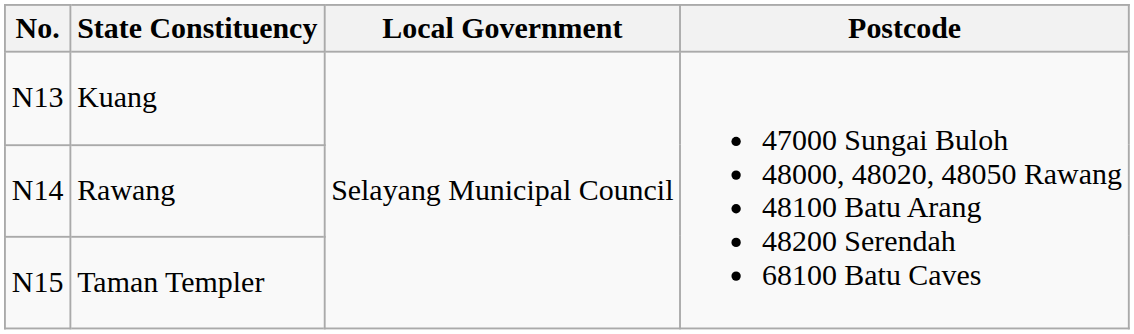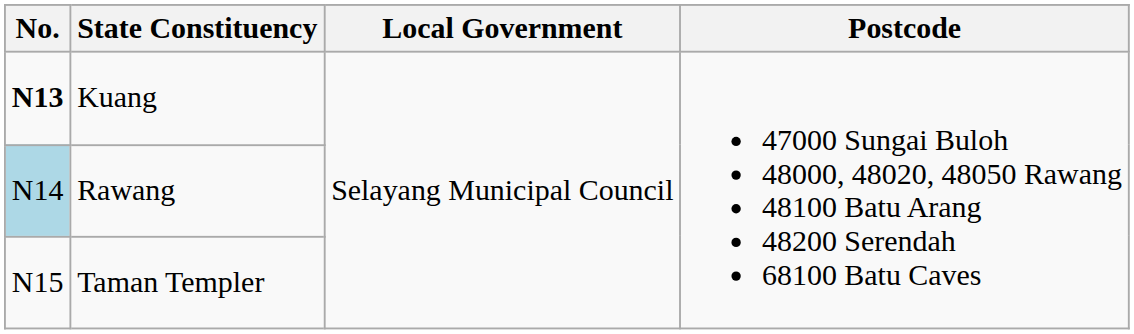 <table class="wikitable">
 <tr>
 <th>No.</th>
 <th>State Constituency</th>
 <th>Local Government</th>
 <th>Postcode</th>
 </tr>
 <tr>
-<td>N13</td>
+<td><strong>N13</strong></td>
 <td>Kuang</td>
 <td rowspan="3">Selayang Municipal Council</td>
 <td rowspan="3"><br><ul><li>47000 Sungai Buloh</li><li>48000, 48020, 48050 Rawang</li><li>48100 Batu Arang</li><li>48200 Serendah</li><li>68100 Batu Caves</li></ul></td>
 </tr>
 <tr>
-<td>N14</td>
+<td style="background: lightblue;">N14</td>
 <td>Rawang</td>
 </tr>
 <tr>
 <td>N15</td>
 <td>Taman Templer</td>
 </tr>
 </table>
